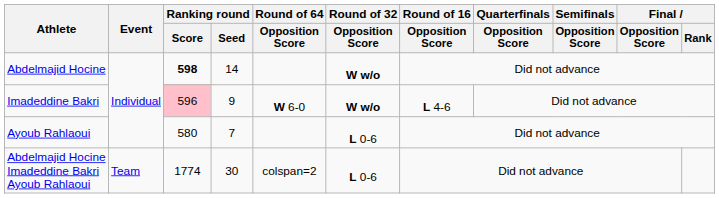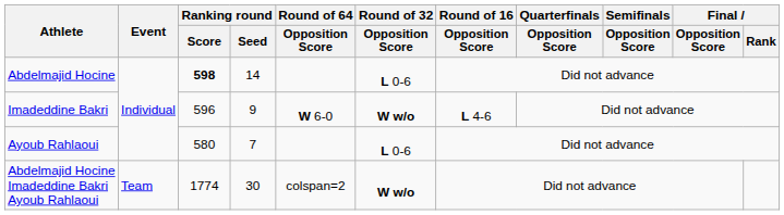 <table class="wikitable" style="font-size:90%">
 <tr>
 <th rowspan=2>Athlete</th>
 <th rowspan=2>Event</th>
 <th colspan=2>Ranking round</th>
 <th>Round of 64</th>
 <th>Round of 32</th>
 <th>Round of 16</th>
 <th>Quarterfinals</th>
 <th>Semifinals</th>
 <th colspan=2>Final / </th>
 </tr>
 <tr style="font-size:95%">
 <th>Score</th>
 <th>Seed</th>
 <th>Opposition<br>Score</th>
 <th>Opposition<br>Score</th>
 <th>Opposition<br>Score</th>
 <th>Opposition<br>Score</th>
 <th>Opposition<br>Score</th>
 <th>Opposition<br>Score</th>
 <th>Rank</th>
 </tr>
 <tr align=center>
 <td align=left><a href='#'>Abdelmajid Hocine</a></td>
 <td align=left rowspan=3><a href='#'>Individual</a></td>
 <td><strong>598</strong></td>
 <td>14</td>
 <td></td>
-<td><br><strong>W</strong> <strong>w/o</strong></td>
+<td><br><strong>L</strong> 0-6</td>
 <td colspan="5">Did not advance</td>
 </tr>
 <tr align=center>
 <td align=left><a href='#'>Imadeddine Bakri</a></td>
-<td style="background: pink;">596</td>
+<td>596</td>
 <td>9</td>
 <td><br><strong>W</strong> 6-0</td>
 <td><br><strong>W</strong> <strong>w/o</strong></td>
 <td><br><strong>L</strong> 4-6</td>
 <td colspan="4">Did not advance</td>
 </tr>
 <tr align=center>
 <td align=left><a href='#'>Ayoub Rahlaoui</a></td>
 <td>580</td>
 <td>7</td>
 <td></td>
 <td><br><strong>L</strong> 0-6</td>
 <td colspan="5">Did not advance</td>
 </tr>
 <tr align=center>
 <td align=left><a href='#'>Abdelmajid Hocine</a><br><a href='#'>Imadeddine Bakri</a><br><a href='#'>Ayoub Rahlaoui</a></td>
 <td align=left><a href='#'>Team</a></td>
 <td>1774</td>
 <td>30</td>
 <td>colspan=2 </td>
-<td><br><strong>L</strong> 0-6</td>
+<td><br><strong>W</strong> <strong>w/o</strong></td>
 <td colspan="4">Did not advance</td>
 </tr>
 </table>
